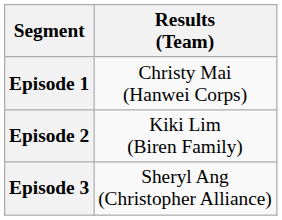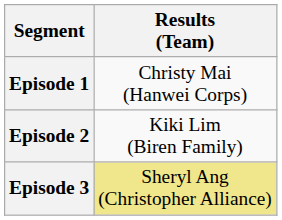 <table class= "wikitable plainrowheaders" style="text-align: center;">
 <tr>
 <th>Segment</th>
 <th>Results <br> (Team)</th>
 </tr>
 <tr>
 <th>Episode 1</th>
 <td>Christy Mai<br>(Hanwei Corps)</td>
 </tr>
 <tr>
 <th>Episode 2</th>
 <td>Kiki Lim<br>(Biren Family)</td>
 </tr>
 <tr>
 <th>Episode 3</th>
-<td>Sheryl Ang<br>(Christopher Alliance)</td>
+<td style="background: khaki;">Sheryl Ang<br>(Christopher Alliance)</td>
 </tr>
 </table>
